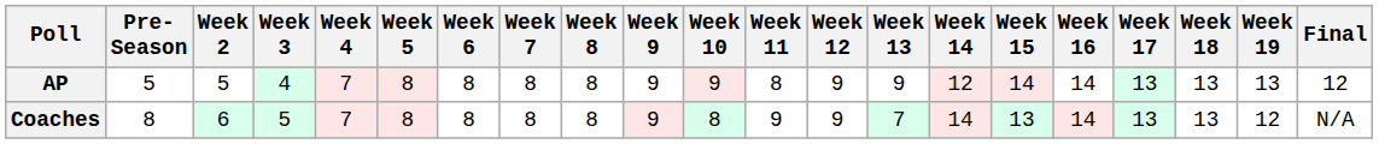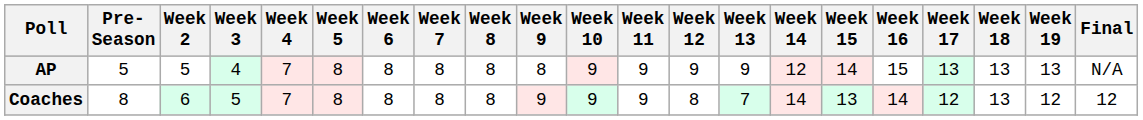 <table class="wikitable" style="white-space:nowrap;font-size:90%">
 <tr>
 <th>Poll</th>
 <th>Pre-<br>Season</th>
 <th>Week<br>2</th>
 <th>Week<br>3</th>
 <th>Week<br>4</th>
 <th>Week<br>5</th>
 <th>Week<br>6</th>
 <th>Week<br>7</th>
 <th>Week<br>8</th>
 <th>Week<br>9</th>
 <th>Week<br>10</th>
 <th>Week<br>11</th>
 <th>Week<br>12</th>
 <th>Week<br>13</th>
 <th>Week<br>14</th>
 <th>Week<br>15</th>
 <th>Week<br>16</th>
 <th>Week<br>17</th>
 <th>Week<br>18</th>
 <th>Week<br>19</th>
 <th>Final</th>
 </tr>
 <tr style="text-align:center;">
 <th>AP</th>
 <td style="background:#FFF;">5</td>
 <td style="background:#FFF;">5</td>
 <td style="background:#D8FFEB;">4</td>
 <td style="background:#FFE6E6;">7</td>
 <td style="background:#FFE6E6;">8</td>
 <td style="background:#FFF;">8</td>
 <td style="background:#FFF;">8</td>
 <td style="background:#FFF;">8</td>
+<td style="background:#FFF;">8</td>
+<td style="background:#FFE6E6;">9</td>
 <td style="background:#FFF;">9</td>
-<td style="background:#FFE6E6;">9</td>
-<td style="background:#FFF;">8</td>
 <td style="background:#FFF;">9</td>
 <td style="background:#FFF;">9</td>
 <td style="background:#FFE6E6;">12</td>
 <td style="background:#FFE6E6;">14</td>
-<td style="background:#FFF;">14</td>
+<td style="background:#FFF;">15</td>
 <td style="background:#D8FFEB;">13</td>
 <td style="background:#FFF;">13</td>
 <td style="background:#FFF;">13</td>
-<td style="background:#FFF;">12</td>
+<td style="background:#FFF;">N/A</td>
 </tr>
 <tr style="text-align:center;">
 <th>Coaches</th>
 <td style="background:#FFF;">8</td>
 <td style="background:#D8FFEB;">6</td>
 <td style="background:#D8FFEB;">5</td>
 <td style="background:#FFE6E6;">7</td>
 <td style="background:#FFE6E6;">8</td>
 <td style="background:#FFF;">8</td>
 <td style="background:#FFF;">8</td>
 <td style="background:#FFF;">8</td>
 <td style="background:#FFE6E6;">9</td>
-<td style="background:#D8FFEB;">8</td>
+<td style="background:#D8FFEB;">9</td>
 <td style="background:#FFF;">9</td>
-<td style="background:#FFF;">9</td>
+<td style="background:#FFF;">8</td>
 <td style="background:#D8FFEB;">7</td>
 <td style="background:#FFE6E6;">14</td>
 <td style="background:#D8FFEB;">13</td>
 <td style="background:#FFE6E6;">14</td>
-<td style="background:#D8FFEB;">13</td>
+<td style="background:#D8FFEB;">12</td>
 <td style="background:#FFF;">13</td>
 <td style="background:#FFF;">12</td>
-<td style="background:#FFF;">N/A</td>
+<td style="background:#FFF;">12</td>
 </tr>
 </table>
